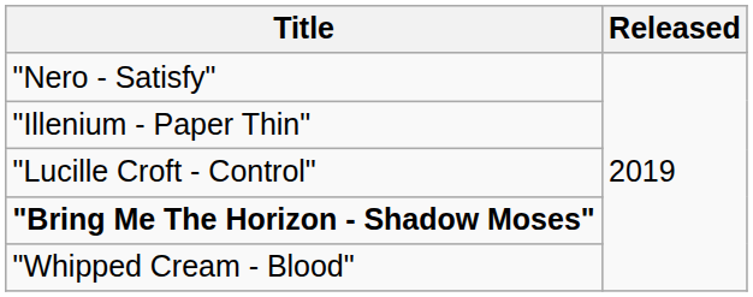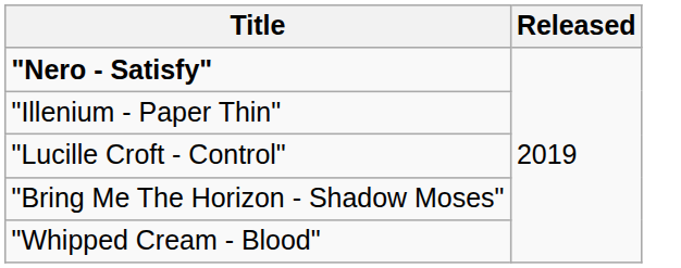 <table class="wikitable">
 <tr>
 <th>Title</th>
 <th>Released</th>
 </tr>
 <tr>
-<td>"Nero - Satisfy"</td>
+<td><strong>"Nero - Satisfy"</strong></td>
 <td rowspan="5">2019</td>
 </tr>
 <tr>
 <td>"Illenium - Paper Thin"</td>
 </tr>
 <tr>
 <td>"Lucille Croft - Control"</td>
 </tr>
 <tr>
-<td><strong>"Bring Me The Horizon - Shadow Moses"</strong></td>
+<td>"Bring Me The Horizon - Shadow Moses"</td>
 </tr>
 <tr>
 <td>"Whipped Cream - Blood"</td>
 </tr>
 </table>
